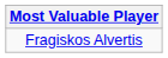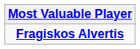 <table class=wikitable style="text-align:center; margin:auto">
 <tr>
 <th><a href='#'>Most Valuable Player</a></th>
 </tr>
 <tr>
-<td> <a href='#'>Fragiskos Alvertis</a></td>
+<td><strong> <a href='#'>Fragiskos Alvertis</a></strong></td>
 </tr>
 </table>
